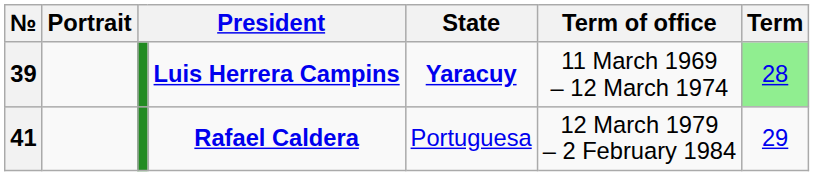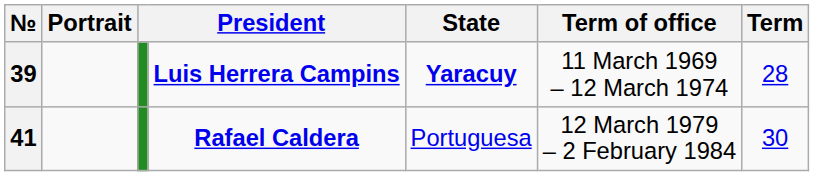 <table class="wikitable sortable" style="text-align: center;">
 <tr>
 <th>№<br></th>
 <th>Portrait</th>
 <th colspan="2" style="width:120px;"><a href='#'>President</a> </th>
 <th>State</th>
 <th>Term of office</th>
 <th>Term<br></th>
 </tr>
 <tr>
 <th style="text-align:center;">39</th>
 <td style="text-align:center;"></td>
 <td style="background:#228b22; text-align:center;"></td>
 <td style="text-align:center;"><strong><a href='#'>Luis Herrera Campins</a></strong> </td>
 <td style="text-align:center;"><strong><a href='#'>Yaracuy</a></strong></td>
 <td style="text-align:center;">11 March 1969<br>– 12 March 1974</td>
-<td style="background: lightgreen; text-align:center;"><a href='#'>28</a> </td>
+<td style="text-align:center;"><a href='#'>28</a> </td>
 </tr>
 <tr>
 <th style="text-align:center;">41</th>
 <td style="text-align:center;"></td>
 <td style="background:#228b22; text-align:center;"></td>
 <td style="text-align:center;"><strong><a href='#'>Rafael Caldera</a></strong> </td>
 <td style="text-align:center;"><a href='#'>Portuguesa</a></td>
 <td style="text-align:center;">12 March 1979<br>– 2 February 1984</td>
-<td style="text-align:center;"><a href='#'>29</a> </td>
+<td style="text-align:center;"><a href='#'>30</a> </td>
 </tr>
 </table>
